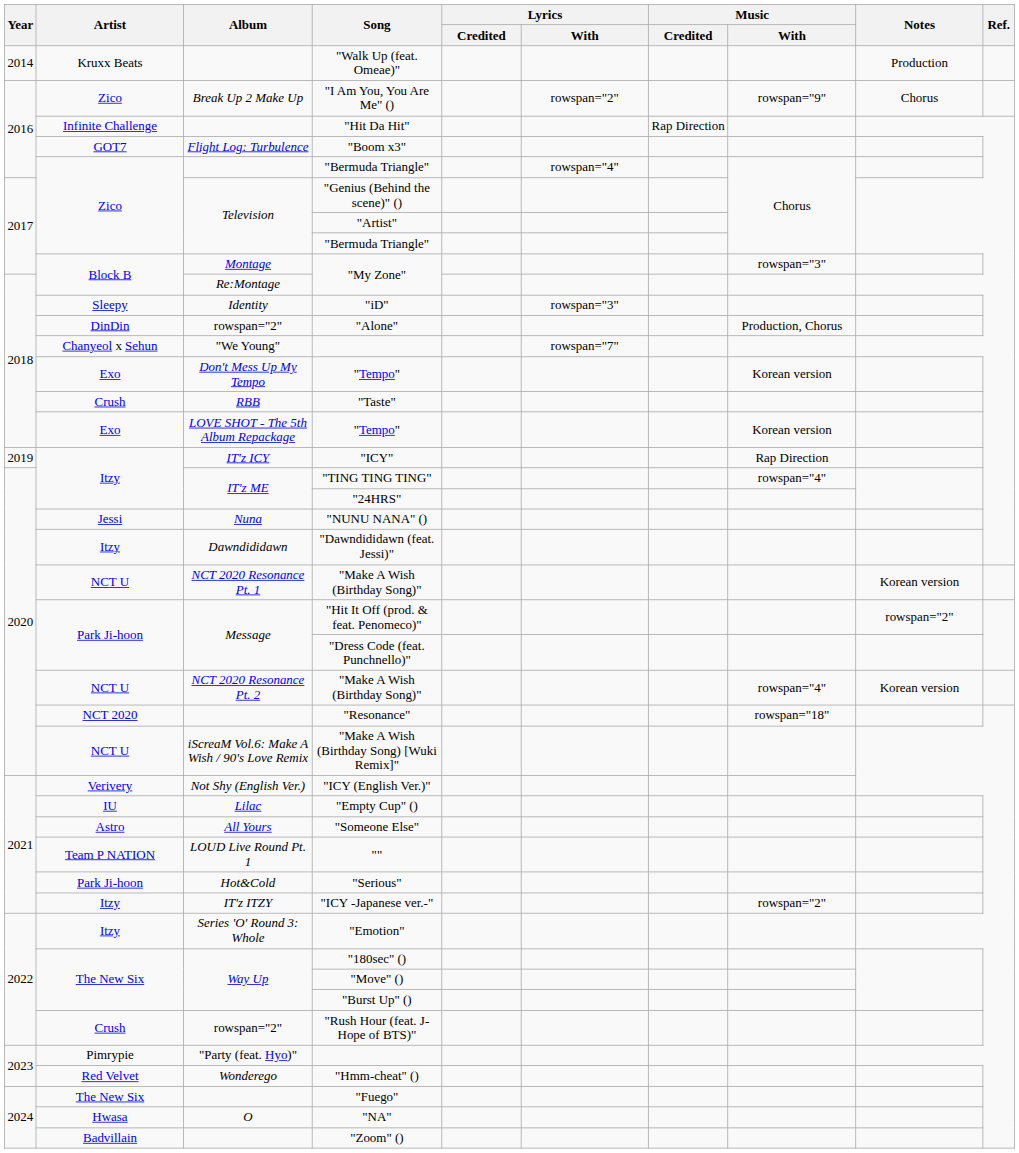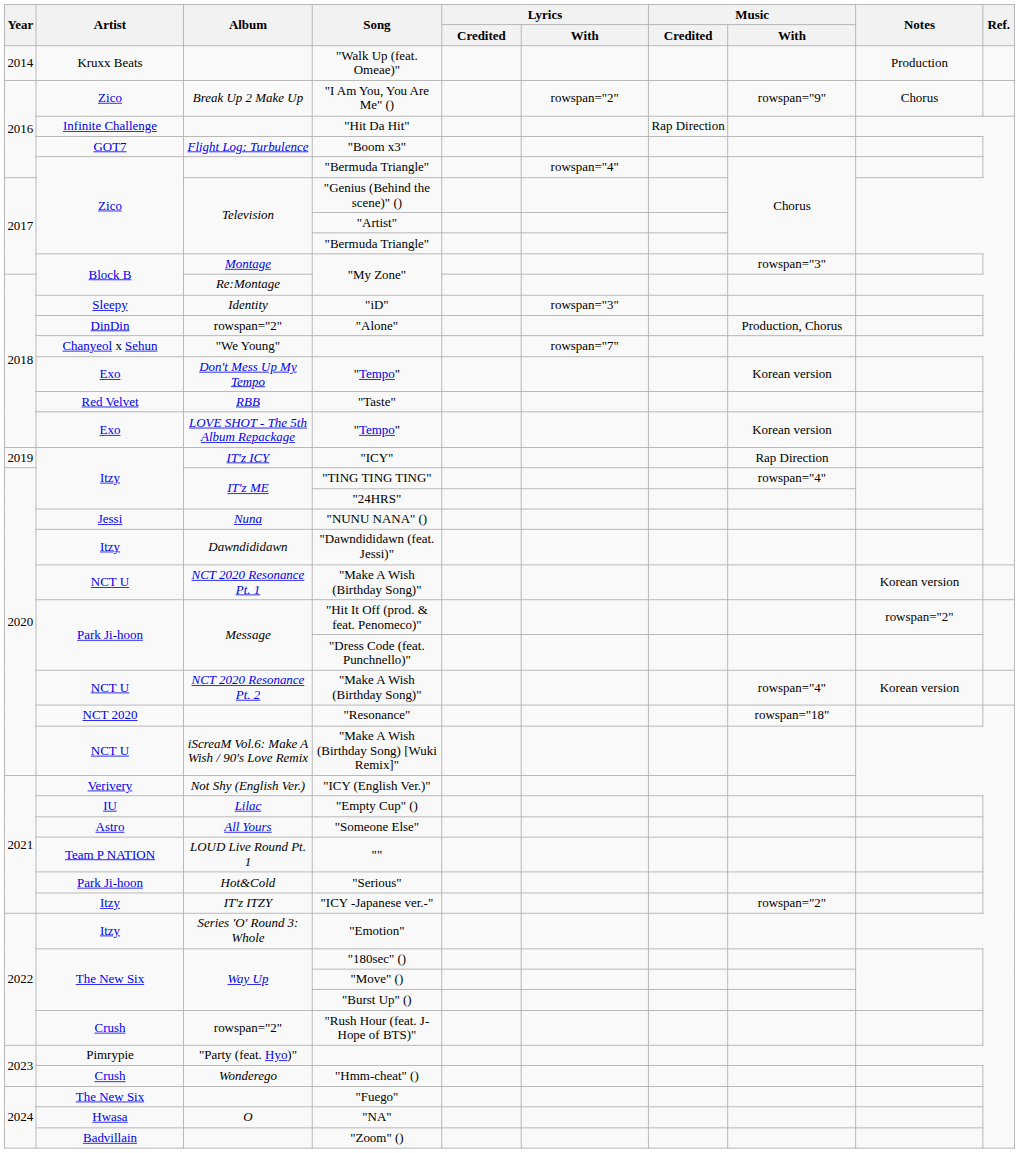 <table class="wikitable" style="text-align:center;">
 <tr>
 <th rowspan="2" style="width:2em;">Year</th>
 <th rowspan="2" style="width:12em;">Artist</th>
 <th rowspan="2" style="width:10em;">Album</th>
 <th rowspan="2" style="width:10em;">Song</th>
 <th colspan="2" style="width:16em;">Lyrics</th>
 <th colspan="2" style="width:16em;">Music</th>
 <th rowspan="2" style="width:10em;">Notes</th>
 <th rowspan="2" style="width:2em;">Ref.</th>
 </tr>
 <tr>
 <th style="width:6em;">Credited</th>
 <th style="width:10em;">With</th>
 <th style="width:6em;">Credited</th>
 <th style="width:10em;">With</th>
 </tr>
 <tr>
 <td>2014</td>
 <td>Kruxx Beats</td>
 <td></td>
 <td>"Walk Up (feat. Omeae)"</td>
 <td></td>
 <td></td>
 <td></td>
 <td></td>
 <td>Production</td>
 <td></td>
 </tr>
 <tr>
 <td rowspan="4">2016</td>
 <td><a href='#'>Zico</a></td>
 <td><em>Break Up 2 Make Up</em></td>
 <td>"I Am You, You Are Me" ()</td>
 <td></td>
 <td>rowspan="2" </td>
 <td></td>
 <td>rowspan="9" </td>
 <td>Chorus</td>
 <td></td>
 </tr>
 <tr>
 <td><a href='#'>Infinite Challenge</a></td>
 <td></td>
 <td>"Hit Da Hit"</td>
 <td></td>
 <td></td>
 <td>Rap Direction</td>
 <td></td>
 </tr>
 <tr>
 <td><a href='#'>GOT7</a></td>
 <td><em><a href='#'>Flight Log: Turbulence</a></em></td>
 <td>"Boom x3"</td>
 <td></td>
 <td></td>
 <td></td>
 <td></td>
 <td></td>
 </tr>
 <tr>
 <td rowspan="4"><a href='#'>Zico</a></td>
 <td></td>
 <td>"Bermuda Triangle"</td>
 <td></td>
 <td>rowspan="4" </td>
 <td></td>
 <td rowspan="4">Chorus</td>
 <td></td>
 </tr>
 <tr>
 <td rowspan="4">2017</td>
 <td rowspan="3"><em>Television</em></td>
 <td>"Genius (Behind the scene)" ()</td>
 <td></td>
 <td></td>
 <td></td>
 </tr>
 <tr>
 <td>"Artist"</td>
 <td></td>
 <td></td>
 <td></td>
 </tr>
 <tr>
 <td>"Bermuda Triangle"</td>
 <td></td>
 <td></td>
 <td></td>
 </tr>
 <tr>
 <td rowspan="2"><a href='#'>Block B</a></td>
 <td><a href='#'><em>Montage</em></a></td>
 <td rowspan="2">"My Zone"</td>
 <td></td>
 <td></td>
 <td></td>
 <td>rowspan="3" </td>
 <td></td>
 </tr>
 <tr>
 <td rowspan="7">2018</td>
 <td><em>Re:Montage</em></td>
 <td></td>
 <td></td>
 <td></td>
 <td></td>
 </tr>
 <tr>
 <td><a href='#'>Sleepy</a></td>
 <td><em>Identity</em></td>
 <td>"iD"</td>
 <td></td>
 <td>rowspan="3" </td>
 <td></td>
 <td></td>
 <td></td>
 </tr>
 <tr>
 <td><a href='#'>DinDin</a></td>
 <td>rowspan="2" </td>
 <td>"Alone"</td>
 <td></td>
 <td></td>
 <td></td>
 <td>Production, Chorus</td>
 <td></td>
 </tr>
 <tr>
 <td><a href='#'>Chanyeol</a> x <a href='#'>Sehun</a></td>
 <td>"We Young"</td>
 <td></td>
 <td></td>
 <td>rowspan="7" </td>
 <td></td>
 <td></td>
 </tr>
 <tr>
 <td><a href='#'>Exo</a></td>
 <td><em><a href='#'>Don't Mess Up My Tempo</a></em></td>
 <td>"<a href='#'>Tempo</a>"</td>
 <td></td>
 <td></td>
 <td></td>
 <td>Korean version</td>
 <td></td>
 </tr>
 <tr>
-<td><a href='#'>Crush</a></td>
+<td><a href='#'>Red Velvet</a></td>
 <td><em><a href='#'>RBB</a></em></td>
 <td>"Taste"</td>
 <td></td>
 <td></td>
 <td></td>
 <td></td>
 <td></td>
 </tr>
 <tr>
 <td><a href='#'>Exo</a></td>
 <td><em><a href='#'>LOVE SHOT - The 5th Album Repackage</a></em></td>
 <td>"<a href='#'>Tempo</a>"</td>
 <td></td>
 <td></td>
 <td></td>
 <td>Korean version</td>
 <td></td>
 </tr>
 <tr>
 <td>2019</td>
 <td rowspan="3"><a href='#'>Itzy</a></td>
 <td><em><a href='#'>IT'z ICY</a></em></td>
 <td>"ICY"</td>
 <td></td>
 <td></td>
 <td></td>
 <td>Rap Direction</td>
 <td></td>
 </tr>
 <tr>
 <td rowspan="10">2020</td>
 <td rowspan="2"><a href='#'><em>IT'z ME</em></a></td>
 <td>"TING TING TING"</td>
 <td></td>
 <td></td>
 <td></td>
 <td>rowspan="4" </td>
 <td rowspan="2"></td>
 </tr>
 <tr>
 <td>"24HRS"</td>
 <td></td>
 <td></td>
 <td></td>
 </tr>
 <tr>
 <td><a href='#'>Jessi</a></td>
 <td><em><a href='#'>Nuna</a></em></td>
 <td>"NUNU NANA" ()</td>
 <td></td>
 <td></td>
 <td></td>
 <td></td>
 <td></td>
 </tr>
 <tr>
 <td><a href='#'>Itzy</a></td>
 <td><em>Dawndididawn</em></td>
 <td>"Dawndididawn (feat. Jessi)"</td>
 <td></td>
 <td></td>
 <td></td>
 <td></td>
 <td></td>
 </tr>
 <tr>
 <td><a href='#'>NCT U</a></td>
 <td><em><a href='#'>NCT 2020 Resonance Pt. 1</a></em></td>
 <td>"Make A Wish (Birthday Song)"</td>
 <td></td>
 <td></td>
 <td></td>
 <td></td>
 <td>Korean version</td>
 <td></td>
 </tr>
 <tr>
 <td rowspan="2"><a href='#'>Park Ji-hoon</a></td>
 <td rowspan="2"><em>Message</em></td>
 <td>"Hit It Off (prod. & feat. Penomeco)"</td>
 <td></td>
 <td></td>
 <td></td>
 <td></td>
 <td>rowspan="2" </td>
 <td rowspan="2"></td>
 </tr>
 <tr>
 <td>"Dress Code (feat. Punchnello)"</td>
 <td></td>
 <td></td>
 <td></td>
 <td></td>
 </tr>
 <tr>
 <td><a href='#'>NCT U</a></td>
 <td><em><a href='#'>NCT 2020 Resonance Pt. 2</a></em></td>
 <td>"Make A Wish (Birthday Song)"</td>
 <td></td>
 <td></td>
 <td></td>
 <td>rowspan="4" </td>
 <td>Korean version</td>
 <td></td>
 </tr>
 <tr>
 <td><a href='#'>NCT 2020</a></td>
 <td></td>
 <td>"Resonance"</td>
 <td></td>
 <td></td>
 <td></td>
 <td>rowspan="18" </td>
 <td></td>
 </tr>
 <tr>
 <td><a href='#'>NCT U</a></td>
 <td><em>iScreaM Vol.6: Make A Wish / 90's Love Remix</em></td>
 <td>"Make A Wish (Birthday Song) [Wuki Remix]"</td>
 <td></td>
 <td></td>
 <td></td>
 <td></td>
 </tr>
 <tr>
 <td rowspan="6">2021</td>
 <td><a href='#'>Verivery</a></td>
 <td><em>Not Shy (English Ver.)</em></td>
 <td>"ICY (English Ver.)"</td>
 <td></td>
 <td></td>
 <td></td>
 <td></td>
 </tr>
 <tr>
 <td><a href='#'>IU</a></td>
 <td><em><a href='#'>Lilac</a></em></td>
 <td>"Empty Cup" ()</td>
 <td></td>
 <td></td>
 <td></td>
 <td></td>
 <td></td>
 </tr>
 <tr>
 <td><a href='#'>Astro</a></td>
 <td><em><a href='#'>All Yours</a></em></td>
 <td>"Someone Else"</td>
 <td></td>
 <td></td>
 <td></td>
 <td></td>
 <td></td>
 </tr>
 <tr>
 <td><a href='#'>Team P NATION</a></td>
 <td><em>LOUD Live Round Pt. 1</em></td>
 <td>""</td>
 <td></td>
 <td></td>
 <td></td>
 <td></td>
 <td></td>
 </tr>
 <tr>
 <td><a href='#'>Park Ji-hoon</a></td>
 <td><em>Hot&Cold</em></td>
 <td>"Serious"</td>
 <td></td>
 <td></td>
 <td></td>
 <td></td>
 <td></td>
 </tr>
 <tr>
 <td><a href='#'>Itzy</a></td>
 <td><em>IT'z ITZY</em></td>
 <td>"ICY -Japanese ver.-"</td>
 <td></td>
 <td></td>
 <td></td>
 <td>rowspan="2" </td>
 <td></td>
 </tr>
 <tr>
 <td rowspan="5">2022</td>
 <td><a href='#'>Itzy</a></td>
 <td><em>Series 'O' Round 3: Whole</em></td>
 <td>"Emotion"</td>
 <td></td>
 <td></td>
 <td></td>
 <td></td>
 </tr>
 <tr>
 <td rowspan="3"><a href='#'>The New Six</a></td>
 <td rowspan="3"><em><a href='#'>Way Up</a></em></td>
 <td>"180sec" ()</td>
 <td></td>
 <td></td>
 <td></td>
 <td></td>
 <td rowspan="3"></td>
 </tr>
 <tr>
 <td>"Move" ()</td>
 <td></td>
 <td></td>
 <td></td>
 <td></td>
 </tr>
 <tr>
 <td>"Burst Up" ()</td>
 <td></td>
 <td></td>
 <td></td>
 <td></td>
 </tr>
 <tr>
 <td><a href='#'>Crush</a></td>
 <td>rowspan="2" </td>
 <td>"Rush Hour (feat. J-Hope of BTS)"</td>
 <td></td>
 <td></td>
 <td></td>
 <td></td>
 <td></td>
 </tr>
 <tr>
 <td rowspan="2">2023</td>
 <td>Pimrypie</td>
 <td>"Party (feat. <a href='#'>Hyo</a>)"</td>
 <td></td>
 <td></td>
 <td></td>
 <td></td>
 <td></td>
 </tr>
 <tr>
-<td><a href='#'>Red Velvet</a></td>
+<td><a href='#'>Crush</a></td>
 <td><em>Wonderego</em></td>
 <td>"Hmm-cheat" ()</td>
 <td></td>
 <td></td>
 <td></td>
 <td></td>
 <td></td>
 </tr>
 <tr>
 <td rowspan="3">2024</td>
 <td><a href='#'>The New Six</a></td>
 <td></td>
 <td>"Fuego"</td>
 <td></td>
 <td></td>
 <td></td>
 <td></td>
 <td></td>
 </tr>
 <tr>
 <td><a href='#'>Hwasa</a></td>
 <td><em>O</em></td>
 <td>"NA"</td>
 <td></td>
 <td></td>
 <td></td>
 <td></td>
 <td></td>
 </tr>
 <tr>
 <td><a href='#'>Badvillain</a></td>
 <td></td>
 <td>"Zoom" ()</td>
 <td></td>
 <td></td>
 <td></td>
 <td></td>
 <td></td>
 </tr>
 </table>
